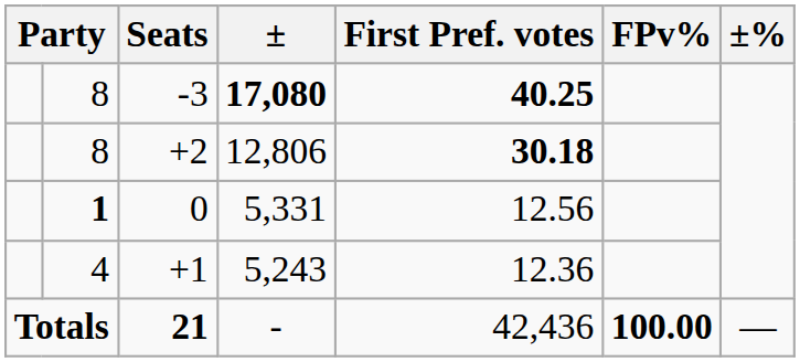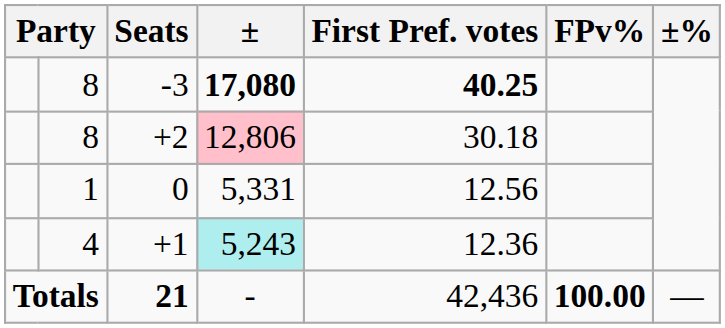 <table class=wikitable>
 <tr>
 <th colspan=2 align=center>Party</th>
 <th valign=top>Seats</th>
 <th valign=top>±</th>
 <th valign=top>First Pref. votes</th>
 <th valign=top>FPv%</th>
 <th valign=top>±%</th>
 </tr>
 <tr>
 <td></td>
 <td align=right>8</td>
 <td align=right>-3</td>
 <td align=right><strong>17,080</strong></td>
 <td align=right><strong>40.25</strong></td>
 <td align=right></td>
 </tr>
 <tr>
 <td></td>
 <td align=right>8</td>
 <td align=right>+2</td>
-<td align=right>12,806</td>
-<td align=right><strong>30.18</strong></td>
+<td align=right style="background: pink;">12,806</td>
+<td align=right>30.18</td>
 <td align=right></td>
 </tr>
 <tr>
 <td></td>
-<td align=right><strong>1</strong></td>
+<td align=right>1</td>
 <td align=right>0</td>
 <td align=right>5,331</td>
 <td align=right>12.56</td>
 <td align=right></td>
 </tr>
 <tr>
 <td></td>
 <td align=right>4</td>
 <td align=right>+1</td>
-<td align=right>5,243</td>
+<td align=right style="background: paleturquoise;">5,243</td>
 <td align=right>12.36</td>
 <td align=right></td>
 </tr>
 <tr>
 <td colspan=2 align=center><strong>Totals</strong></td>
 <td align=right><strong>21</strong></td>
 <td align=center>-</td>
 <td align=right>42,436</td>
 <td align=center><strong>100.00</strong></td>
 <td align=center>—</td>
 </tr>
 </table>
